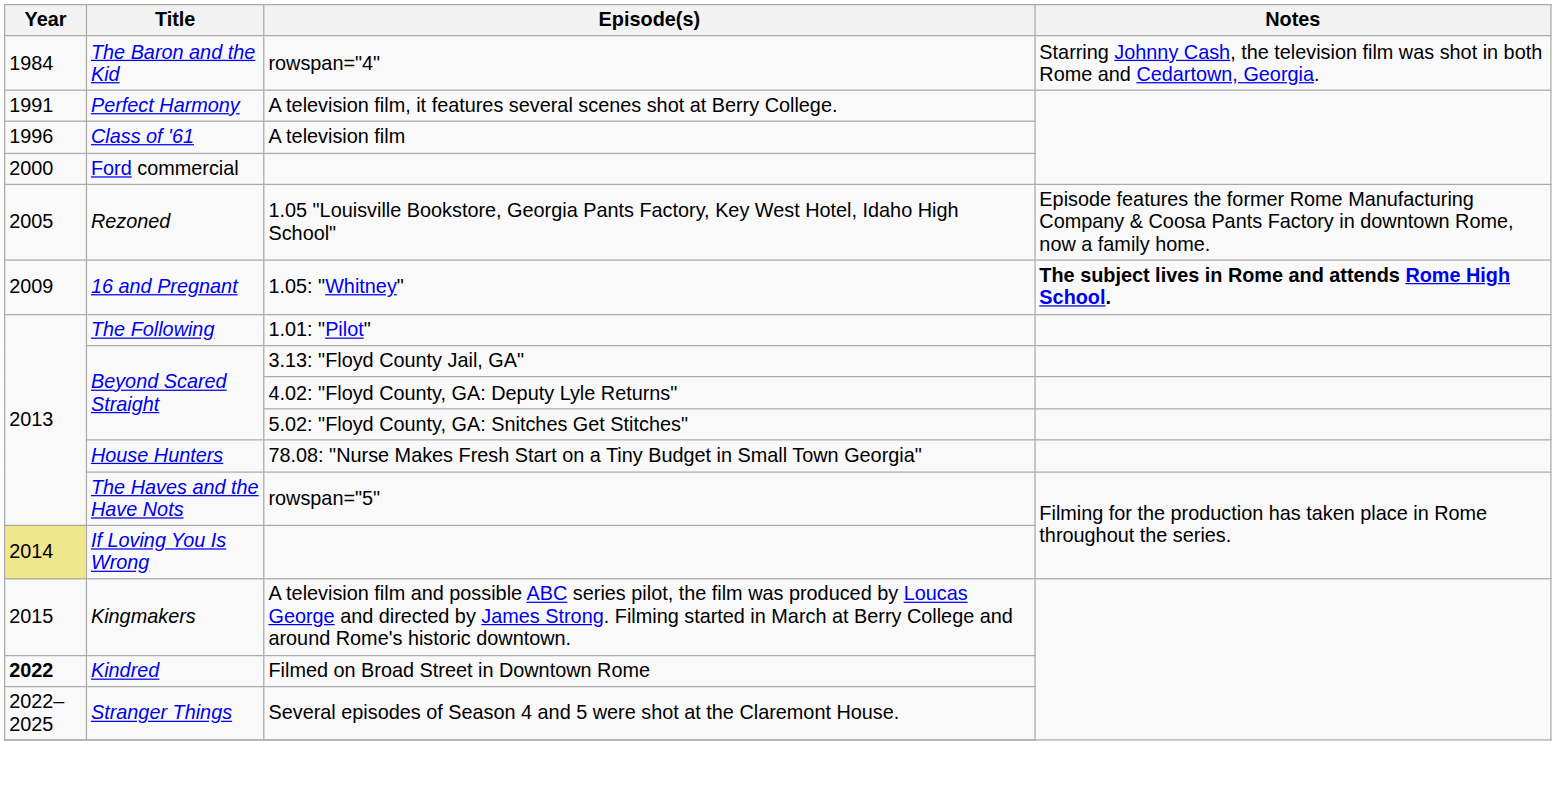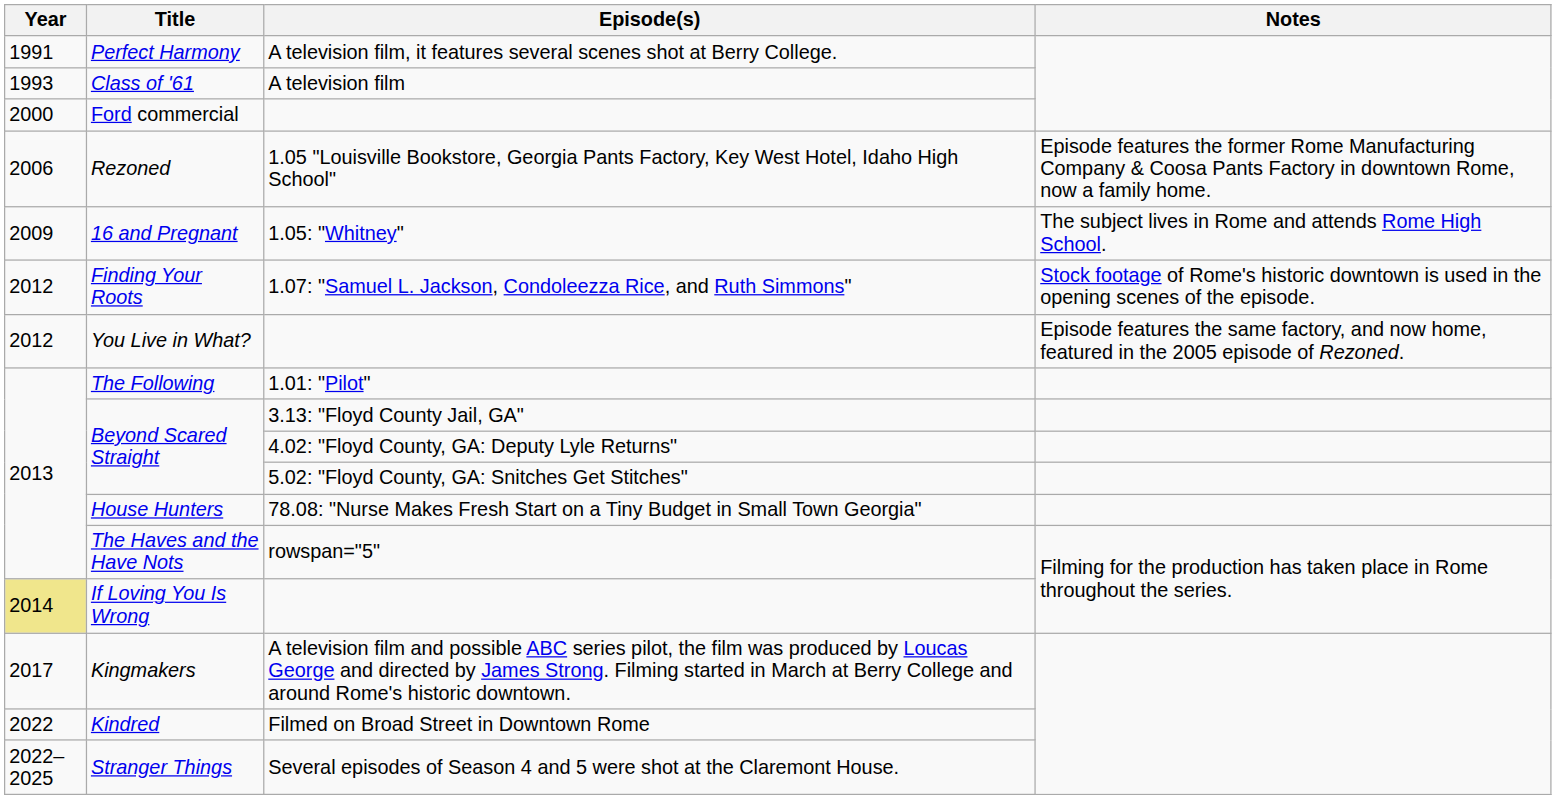 <table class="wikitable sortable">
 <tr>
 <th>Year</th>
 <th>Title</th>
 <th class="unsortable">Episode(s)</th>
 <th class="unsortable">Notes</th>
 </tr>
 <tr>
-<td>1984</td>
-<td><em><a href='#'>The Baron and the Kid</a></em></td>
-<td>rowspan="4" </td>
-<td>Starring <a href='#'>Johnny Cash</a>, the television film was shot in both Rome and <a href='#'>Cedartown, Georgia</a>.</td>
-</tr>
-<tr>
 <td>1991</td>
 <td><em><a href='#'>Perfect Harmony</a></em></td>
 <td>A television film, it features several scenes shot at Berry College.</td>
 </tr>
 <tr>
-<td>1996</td>
+<td>1993</td>
 <td><em><a href='#'>Class of '61</a></em></td>
 <td>A television film</td>
 </tr>
 <tr>
 <td>2000</td>
 <td><a href='#'>Ford</a> commercial</td>
 <td></td>
 </tr>
 <tr>
-<td>2005</td>
+<td>2006</td>
 <td><em>Rezoned</em></td>
 <td>1.05 "Louisville Bookstore, Georgia Pants Factory, Key West Hotel, Idaho High School"</td>
 <td>Episode features the former Rome Manufacturing Company & Coosa Pants Factory in downtown Rome, now a family home.</td>
 </tr>
 <tr>
 <td>2009</td>
 <td><em><a href='#'>16 and Pregnant</a></em></td>
 <td>1.05: "<a href='#'>Whitney</a>"</td>
-<td><strong>The subject lives in Rome and attends <a href='#'>Rome High School</a>.</strong></td>
+<td>The subject lives in Rome and attends <a href='#'>Rome High School</a>.</td>
+</tr>
+<tr>
+<td>2012</td>
+<td><em><a href='#'>Finding Your Roots</a></em></td>
+<td>1.07: "<a href='#'>Samuel L. Jackson</a>, <a href='#'>Condoleezza Rice</a>, and <a href='#'>Ruth Simmons</a>"</td>
+<td><a href='#'>Stock footage</a> of Rome's historic downtown is used in the opening scenes of the episode.</td>
+</tr>
+<tr>
+<td>2012</td>
+<td><em>You Live in What?</em></td>
+<td></td>
+<td>Episode features the same factory, and now home, featured in the 2005 episode of <em>Rezoned</em>.</td>
 </tr>
 <tr>
 <td rowspan="6">2013</td>
 <td><em><a href='#'>The Following</a></em></td>
 <td>1.01: "<a href='#'>Pilot</a>"</td>
 <td></td>
 </tr>
 <tr>
 <td rowspan="3"><em><a href='#'>Beyond Scared Straight</a></em></td>
 <td>3.13: "Floyd County Jail, GA"</td>
 <td></td>
 </tr>
 <tr>
 <td>4.02: "Floyd County, GA: Deputy Lyle Returns"</td>
 <td></td>
 </tr>
 <tr>
 <td>5.02: "Floyd County, GA: Snitches Get Stitches"</td>
 <td></td>
 </tr>
 <tr>
 <td><em><a href='#'>House Hunters</a></em></td>
 <td>78.08: "Nurse Makes Fresh Start on a Tiny Budget in Small Town Georgia"</td>
 <td></td>
 </tr>
 <tr>
 <td><em><a href='#'>The Haves and the Have Nots</a></em></td>
 <td>rowspan="5" </td>
 <td rowspan="2">Filming for the production has taken place in Rome throughout the series.</td>
 </tr>
 <tr>
 <td style="background: khaki;">2014</td>
 <td><em><a href='#'>If Loving You Is Wrong</a></em></td>
 </tr>
 <tr>
-<td>2015</td>
+<td>2017</td>
 <td><em>Kingmakers</em></td>
 <td>A television film and possible <a href='#'>ABC</a> series pilot, the film was produced by <a href='#'>Loucas George</a> and directed by <a href='#'>James Strong</a>. Filming started in March at Berry College and around Rome's historic downtown.</td>
 </tr>
 <tr>
-<td><strong>2022</strong></td>
+<td>2022</td>
 <td><em><a href='#'>Kindred</a></em></td>
 <td>Filmed on Broad Street in Downtown Rome</td>
 </tr>
 <tr>
 <td>2022–2025</td>
 <td><em><a href='#'>Stranger Things</a></em></td>
 <td>Several episodes of Season 4 and 5 were shot at the Claremont House.</td>
 </tr>
 <tr>
 </tr>
 </table>
